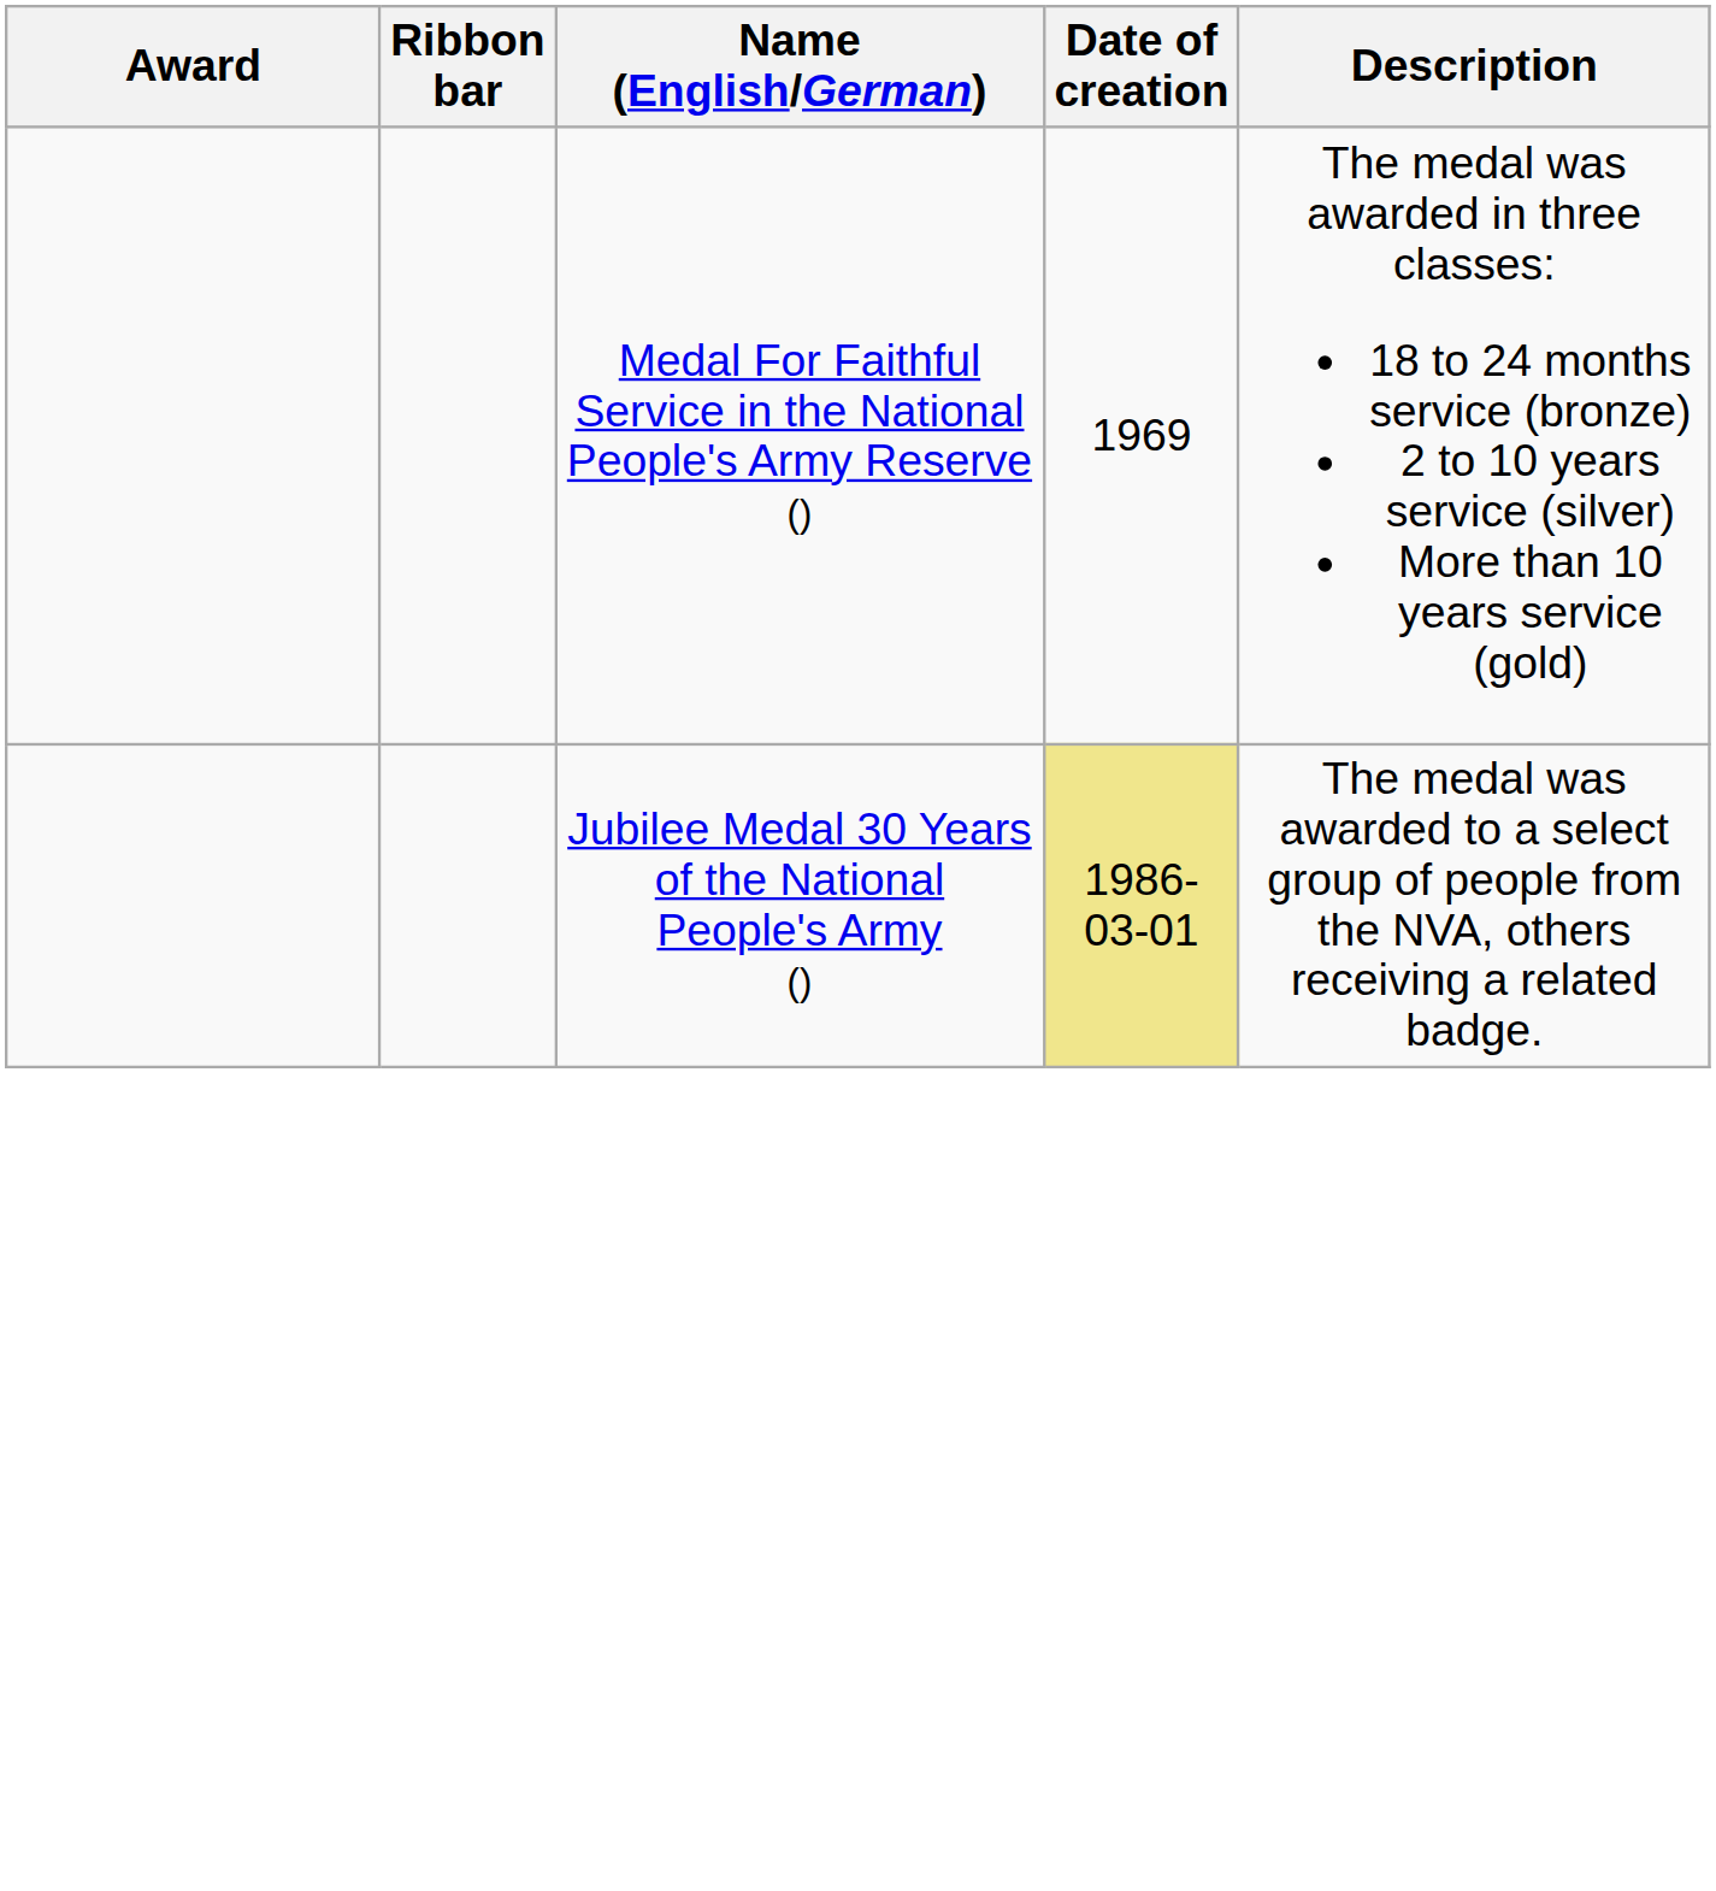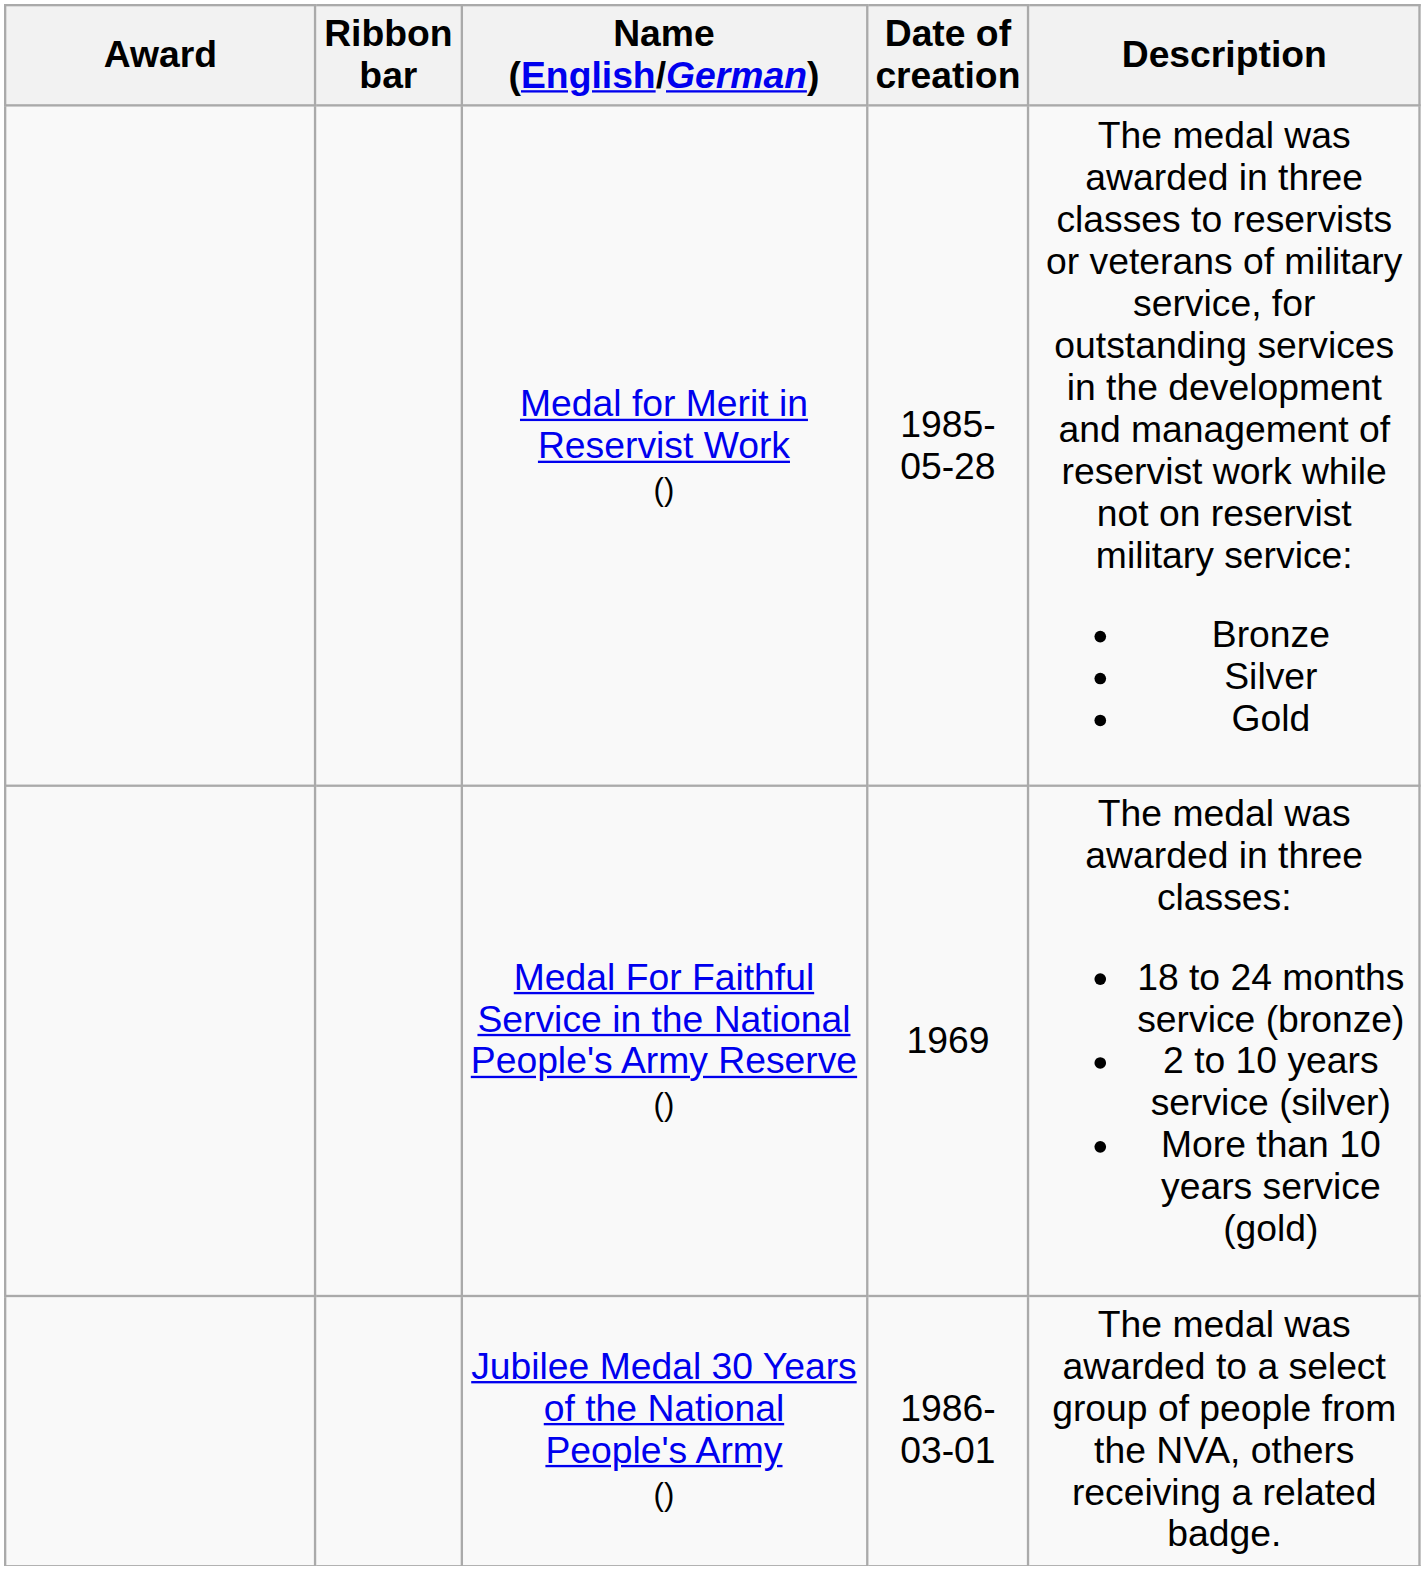 <table class="wikitable sortable" style="text-align:center">
 <tr>
 <th style="width:25%">Award</th>
 <th style="width:5%">Ribbon<br>bar</th>
 <th style="width:30%">Name (<a href='#'>English</a>/<em><a href='#'>German</a></em>)</th>
 <th style="width:10%">Date of<br>creation</th>
 <th style="width:30%">Description</th>
+</tr>
+<tr>
+<td></td>
+<td><br><br> <br> <br></td>
+<td><a href='#'>Medal for Merit in Reservist Work</a><br><small>()</small></td>
+<td>1985-05-28</td>
+<td>The medal was awarded in three classes to reservists or veterans of military service, for outstanding services in the development and management of reservist work while not on reservist military service:<br><ul><li>Bronze</li><li>Silver</li><li>Gold</li></ul></td>
 </tr>
 <tr>
 <td></td>
 <td></td>
 <td><a href='#'>Medal For Faithful Service in the National People's Army Reserve</a><br><small>()</small></td>
 <td>1969</td>
 <td>The medal was awarded in three classes:<br><ul><li>18 to 24 months service (bronze)</li><li>2 to 10 years service (silver)</li><li>More than 10 years service (gold)</li></ul></td>
 </tr>
 <tr>
 <td></td>
 <td></td>
 <td><a href='#'>Jubilee Medal 30 Years of the National People's Army</a><br><small>()</small></td>
-<td style="background: khaki;">1986-03-01</td>
+<td>1986-03-01</td>
 <td>The medal was awarded to a select group of people from the NVA, others receiving a related badge.</td>
 </tr>
 </table>
